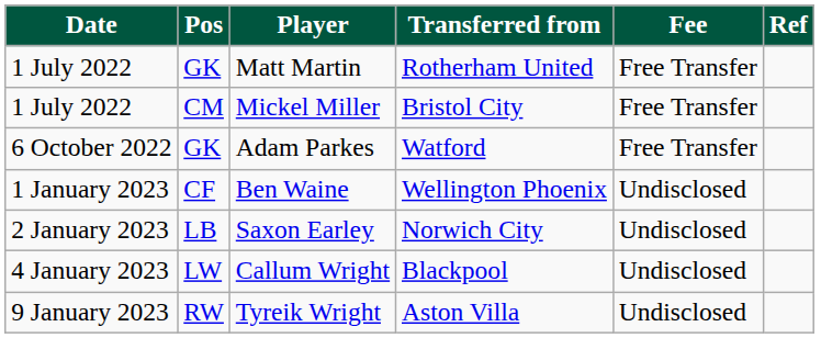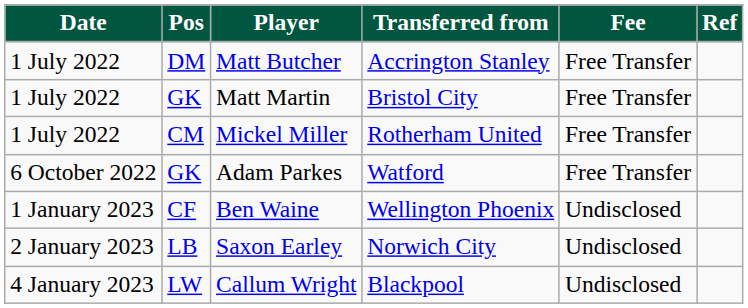 <table class="wikitable plainrowheaders sortable">
 <tr>
 <th style="background:#00563F; color:#ffffff; ">Date</th>
 <th style="background:#00563F; color:#ffffff; ">Pos</th>
 <th style="background:#00563F; color:#ffffff; ">Player</th>
 <th style="background:#00563F; color:#ffffff; ">Transferred from</th>
 <th style="background:#00563F; color:#ffffff; ">Fee</th>
 <th style="background:#00563F; color:#ffffff; ">Ref</th>
 </tr>
 <tr>
 <td>1 July 2022</td>
+<td><a href='#'>DM</a></td>
+<td> <a href='#'>Matt Butcher</a></td>
+<td> <a href='#'>Accrington Stanley</a></td>
+<td>Free Transfer</td>
+<td></td>
+</tr>
+<tr>
+<td>1 July 2022</td>
 <td><a href='#'>GK</a></td>
 <td> Matt Martin</td>
-<td> <a href='#'>Rotherham United</a></td>
+<td> <a href='#'>Bristol City</a></td>
 <td>Free Transfer</td>
 <td></td>
 </tr>
 <tr>
 <td>1 July 2022</td>
 <td><a href='#'>CM</a></td>
 <td> <a href='#'>Mickel Miller</a></td>
-<td> <a href='#'>Bristol City</a></td>
+<td> <a href='#'>Rotherham United</a></td>
 <td>Free Transfer</td>
 <td></td>
 </tr>
 <tr>
 <td>6 October 2022</td>
 <td><a href='#'>GK</a></td>
 <td> Adam Parkes</td>
 <td> <a href='#'>Watford</a></td>
 <td>Free Transfer</td>
 <td></td>
 </tr>
 <tr>
 <td>1 January 2023</td>
 <td><a href='#'>CF</a></td>
 <td> <a href='#'>Ben Waine</a></td>
 <td> <a href='#'>Wellington Phoenix</a></td>
 <td>Undisclosed</td>
 <td></td>
 </tr>
 <tr>
 <td>2 January 2023</td>
 <td><a href='#'>LB</a></td>
 <td> <a href='#'>Saxon Earley</a></td>
 <td> <a href='#'>Norwich City</a></td>
 <td>Undisclosed</td>
 <td></td>
 </tr>
 <tr>
 <td>4 January 2023</td>
 <td><a href='#'>LW</a></td>
 <td> <a href='#'>Callum Wright</a></td>
 <td> <a href='#'>Blackpool</a></td>
 <td>Undisclosed</td>
 <td></td>
 </tr>
-<tr>
-<td>9 January 2023</td>
-<td><a href='#'>RW</a></td>
-<td> <a href='#'>Tyreik Wright</a></td>
-<td> <a href='#'>Aston Villa</a></td>
-<td>Undisclosed</td>
-<td></td>
-</tr>
 </table>
